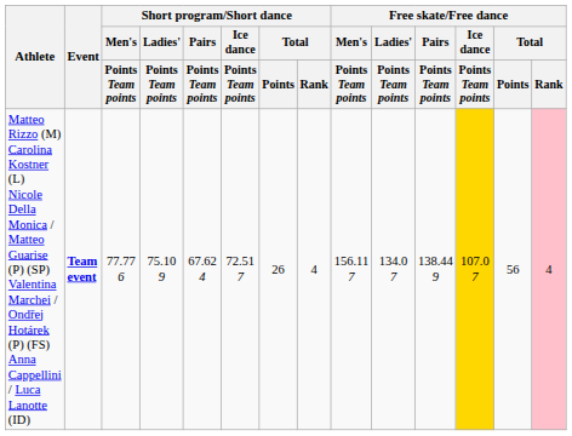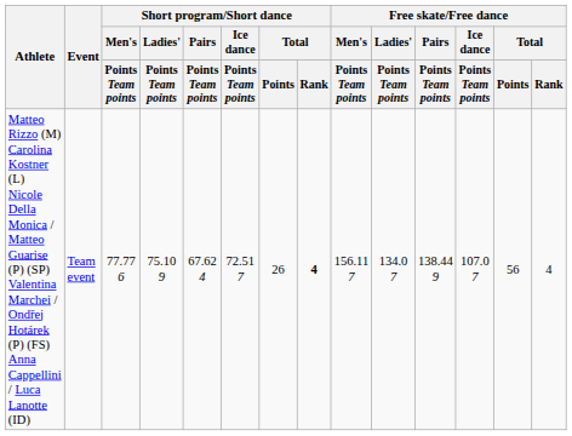 <table class="wikitable" style="font-size:90%">
 <tr>
 <th rowspan="3">Athlete</th>
 <th rowspan="3">Event</th>
 <th colspan="6">Short program/Short dance</th>
 <th colspan="6">Free skate/Free dance</th>
 </tr>
 <tr style="font-size:95%">
 <th>Men's</th>
 <th>Ladies'</th>
 <th>Pairs</th>
 <th>Ice dance</th>
 <th colspan="2">Total</th>
 <th>Men's</th>
 <th>Ladies'</th>
 <th>Pairs</th>
 <th>Ice dance</th>
 <th colspan="2">Total</th>
 </tr>
 <tr style="font-size:95%">
 <th>Points<br><em>Team points</em></th>
 <th>Points<br><em>Team points</em></th>
 <th>Points<br><em>Team points</em></th>
 <th>Points<br><em>Team points</em></th>
 <th>Points</th>
 <th>Rank</th>
 <th>Points<br><em>Team points</em></th>
 <th>Points<br><em>Team points</em></th>
 <th>Points<br><em>Team points</em></th>
 <th>Points<br><em>Team points</em></th>
 <th>Points</th>
 <th>Rank</th>
 </tr>
 <tr align="center">
 <td align="left"><a href='#'>Matteo Rizzo</a> (M)<br><a href='#'>Carolina Kostner</a> (L)<br><a href='#'>Nicole Della Monica</a> / <a href='#'>Matteo Guarise</a> (P) (SP)<br><a href='#'>Valentina Marchei</a> / <a href='#'>Ondřej Hotárek</a> (P) (FS)<br> <a href='#'>Anna Cappellini</a> / <a href='#'>Luca Lanotte</a> (ID)</td>
-<td align="left"><strong><a href='#'>Team event</a></strong></td>
+<td align="left"><a href='#'>Team event</a></td>
 <td>77.77<br><em>6</em></td>
 <td>75.10<br><em>9</em></td>
 <td>67.62<br><em>4</em></td>
 <td>72.51<br><em>7</em></td>
 <td>26</td>
-<td>4</td>
+<td><strong>4</strong></td>
 <td>156.11<br><em>7</em></td>
 <td>134.0<br><em>7</em></td>
 <td>138.44<br><em>9</em></td>
-<td style="background: gold;">107.0<br><em>7</em></td>
+<td>107.0<br><em>7</em></td>
 <td>56</td>
-<td style="background: pink;">4</td>
+<td>4</td>
 </tr>
 </table>
